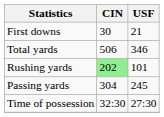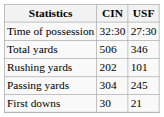 <table class="wikitable">
 <tr>
 <th>Statistics</th>
 <th>CIN</th>
 <th>USF</th>
 </tr>
 <tr>
-<td>First downs</td>
-<td>30</td>
-<td>21</td>
+<td>Time of possession</td>
+<td>32:30</td>
+<td>27:30</td>
 </tr>
 <tr>
 <td>Total yards</td>
 <td>506</td>
 <td>346</td>
 </tr>
 <tr>
 <td>Rushing yards</td>
-<td style="background: lightgreen;">202</td>
+<td>202</td>
 <td>101</td>
 </tr>
 <tr>
 <td>Passing yards</td>
 <td>304</td>
 <td>245</td>
 </tr>
 <tr>
-<td>Time of possession</td>
-<td>32:30</td>
-<td>27:30</td>
+<td>First downs</td>
+<td>30</td>
+<td>21</td>
 </tr>
 <tr>
 </tr>
 </table>
